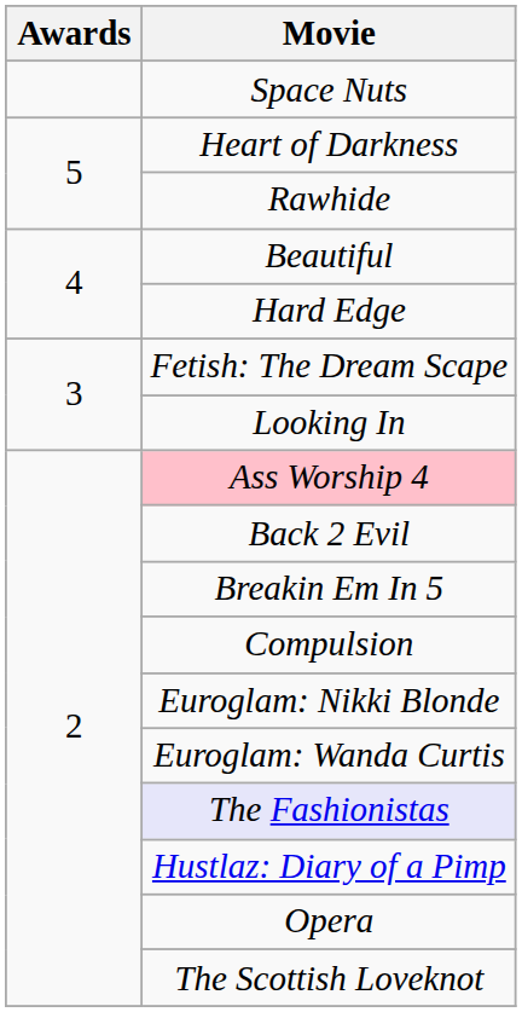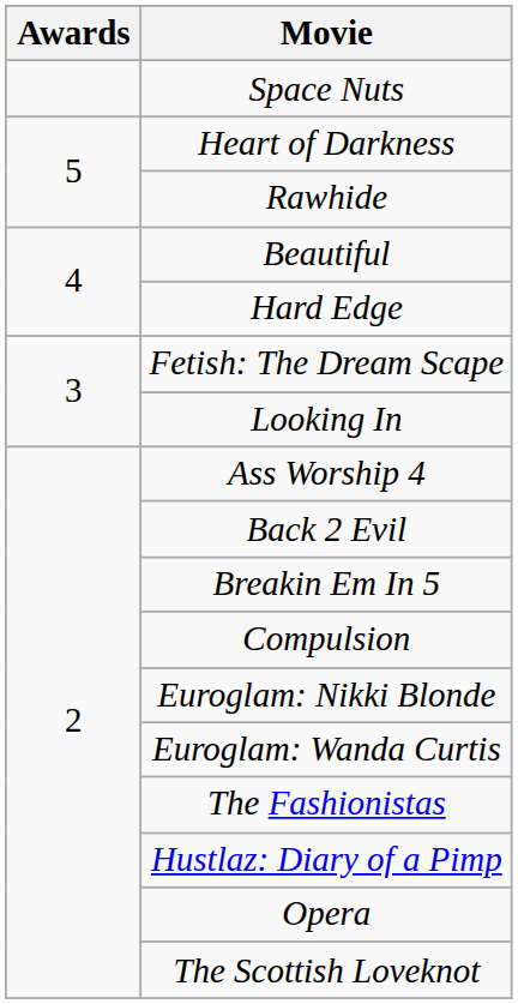 <table class="wikitable" style="text-align: center">
 <tr>
 <th scope="col" width="55">Awards</th>
 <th scope="col" align="center">Movie</th>
 </tr>
 <tr>
 <td></td>
 <td><em>Space Nuts</em></td>
 </tr>
 <tr>
 <td rowspan=2 style="text-align:center">5</td>
 <td><em>Heart of Darkness</em></td>
 </tr>
 <tr>
 <td><em>Rawhide</em></td>
 </tr>
 <tr>
 <td rowspan=2 style="text-align:center">4</td>
 <td><em>Beautiful</em></td>
 </tr>
 <tr>
 <td><em>Hard Edge</em></td>
 </tr>
 <tr>
 <td rowspan=2 style="text-align:center">3</td>
 <td><em>Fetish: The Dream Scape</em></td>
 </tr>
 <tr>
 <td><em>Looking In</em></td>
 </tr>
 <tr>
 <td rowspan=10 style="text-align:center">2</td>
-<td style="background: pink;"><em>Ass Worship 4</em></td>
+<td><em>Ass Worship 4</em></td>
 </tr>
 <tr>
 <td><em>Back 2 Evil</em></td>
 </tr>
 <tr>
 <td><em>Breakin Em In 5</em></td>
 </tr>
 <tr>
 <td><em>Compulsion</em></td>
 </tr>
 <tr>
 <td><em>Euroglam: Nikki Blonde</em></td>
 </tr>
 <tr>
 <td><em>Euroglam: Wanda Curtis</em></td>
 </tr>
 <tr>
-<td style="background: lavender;"><em>The <a href='#'>Fashionistas</a></em></td>
+<td><em>The <a href='#'>Fashionistas</a></em></td>
 </tr>
 <tr>
 <td><em><a href='#'>Hustlaz: Diary of a Pimp</a></em></td>
 </tr>
 <tr>
 <td><em>Opera</em></td>
 </tr>
 <tr>
 <td><em>The Scottish Loveknot</em></td>
 </tr>
 </table>
